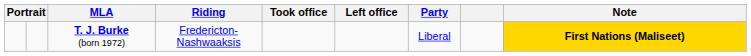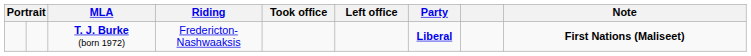 <table class="wikitable sortable plainrowheaders" style="text-align: center;">
 <tr>
 <th colspan="2" class=unsortable>Portrait</th>
 <th class="unsortable" style="width:150px;"><a href='#'>MLA</a></th>
 <th scope="col" style="width:150px;"><a href='#'>Riding</a></th>
 <th scope="col" style="width:100px;">Took office</th>
 <th scope="col" style="width:100px;">Left office</th>
 <th scope="col" style="width:70px;"><a href='#'>Party</a></th>
 <th scope="col" class="unsortable" style="width:55px;"></th>
 <th scope="col" class="unsortable" style="width:350px;">Note</th>
 </tr>
 <tr>
 <td rowspan="1" style="background:"></td>
 <td></td>
 <td><strong><a href='#'>T. J. Burke</a></strong><br><small>(born 1972)</small></td>
 <td><a href='#'>Fredericton-Nashwaaksis</a></td>
 <td></td>
 <td></td>
-<td><a href='#'>Liberal</a></td>
+<td><strong><a href='#'>Liberal</a></strong></td>
 <td></td>
-<td style="background: gold;"><strong>First Nations (Maliseet)</strong></td>
+<td><strong>First Nations (Maliseet)</strong></td>
 </tr>
 </table>
